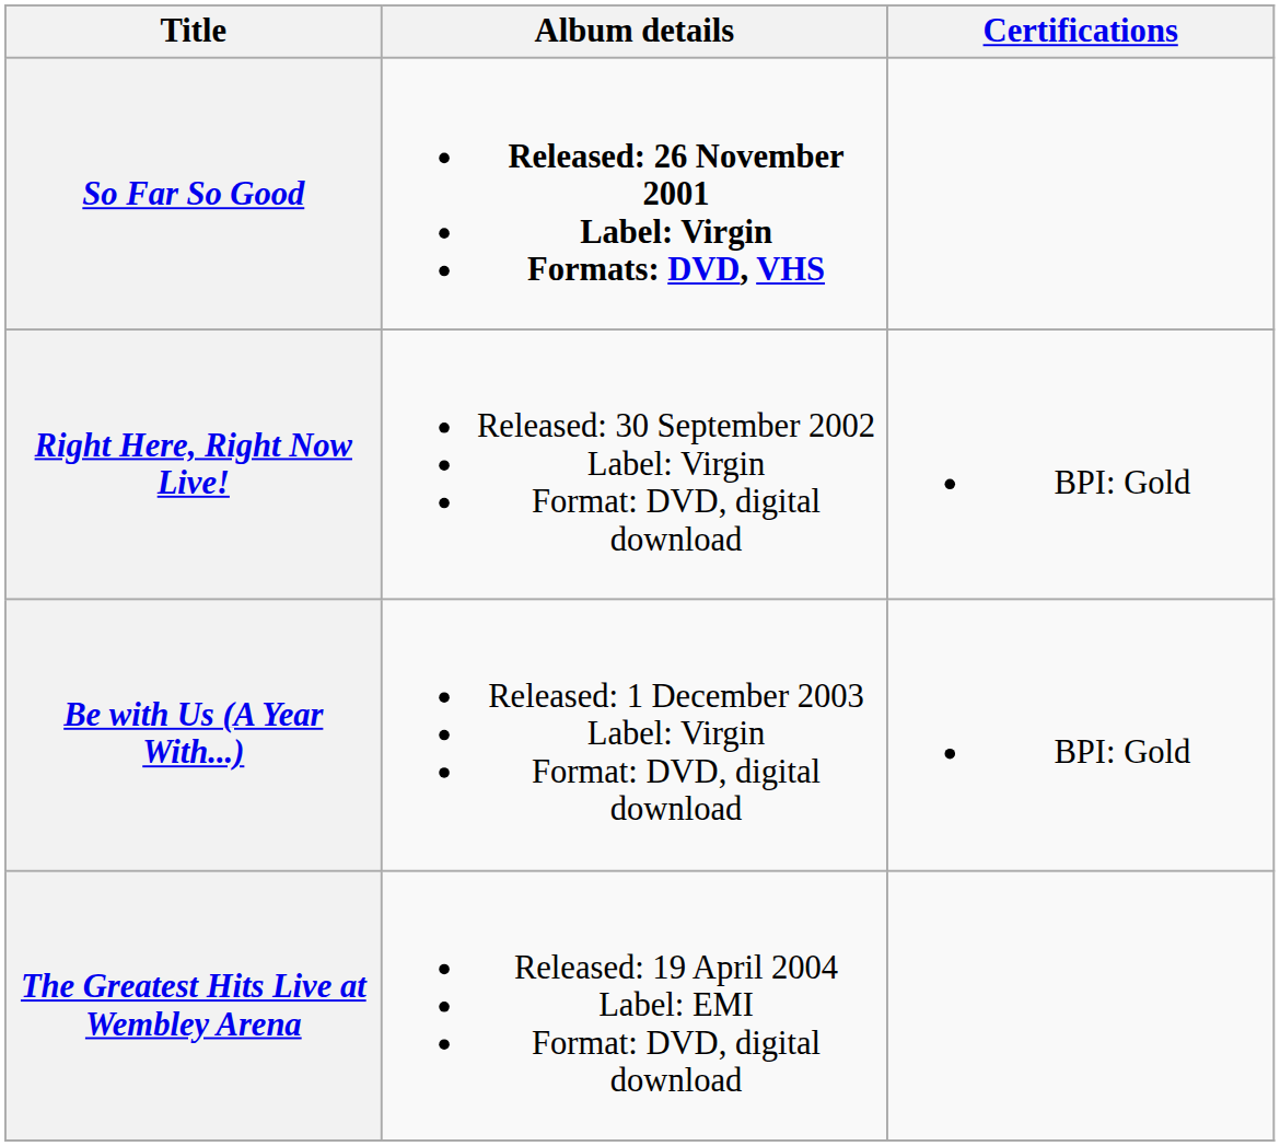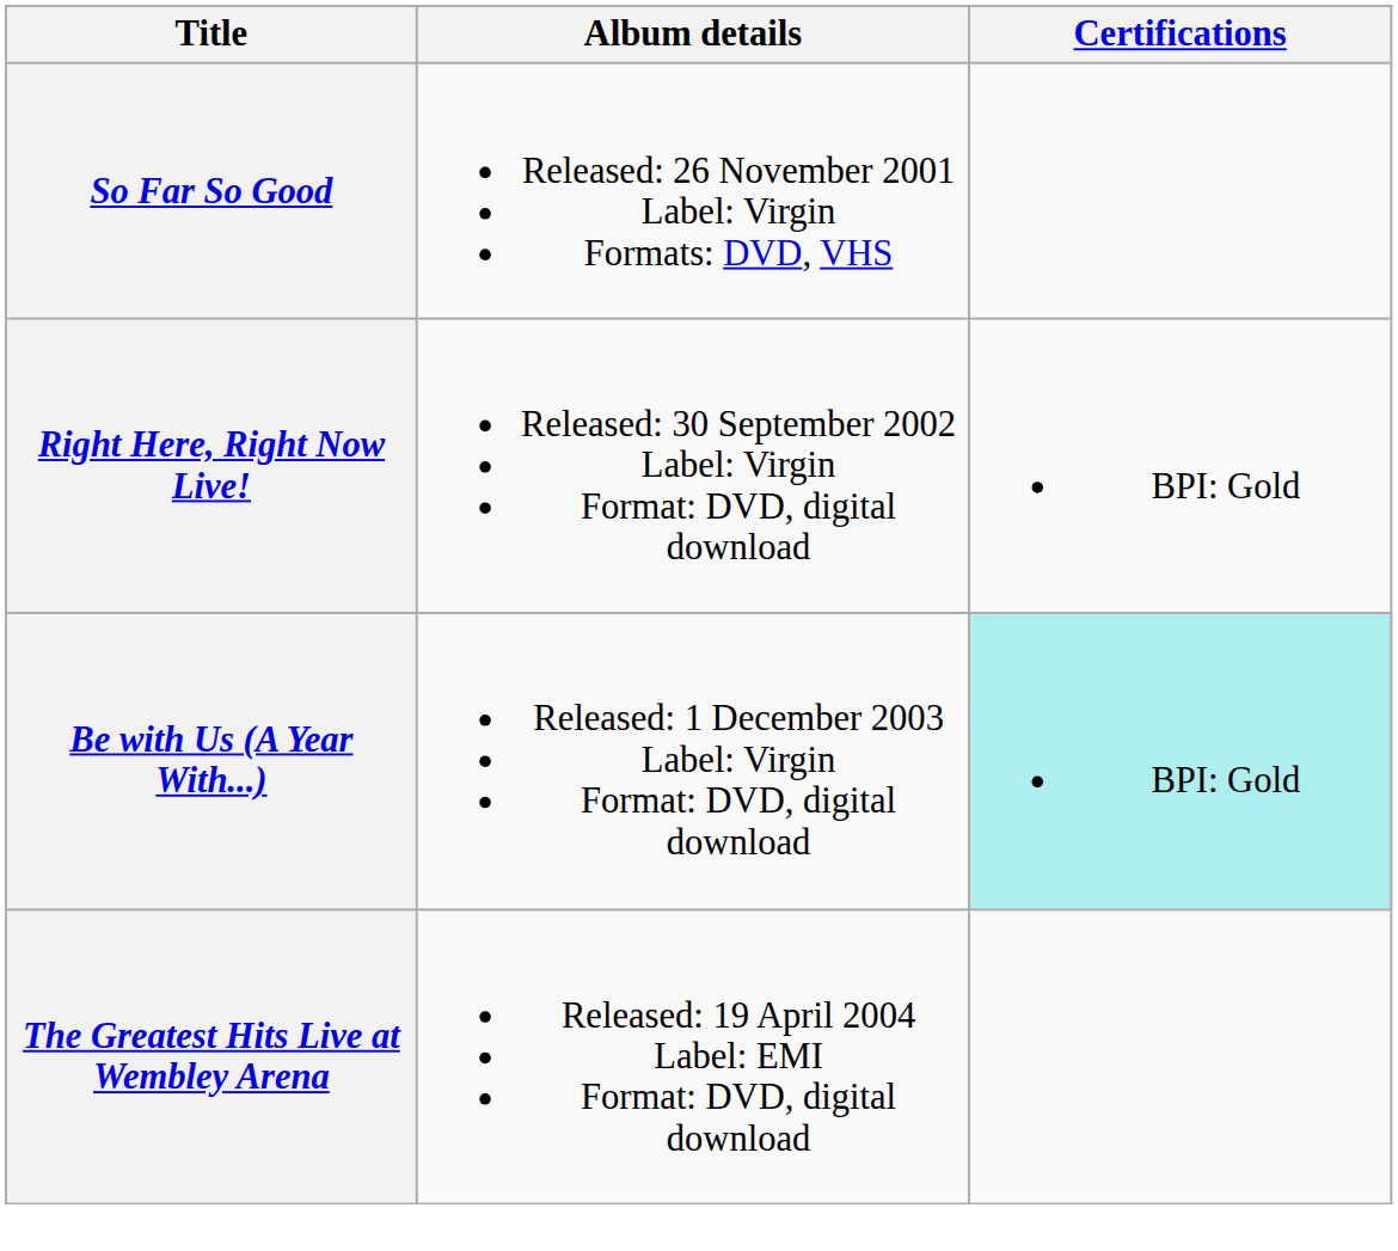 <table class="wikitable plainrowheaders" style="text-align:center;">
 <tr>
 <th scope="col" style="width:12em;">Title</th>
 <th scope="col" style="width:16em;">Album details</th>
 <th scope="col" style="width:12em;"><a href='#'>Certifications</a></th>
 </tr>
 <tr>
 <th scope="row"><em><a href='#'>So Far So Good</a></em></th>
-<td><strong><br><ul><li>Released: 26 November 2001</li><li>Label: Virgin</li><li>Formats: <a href='#'>DVD</a>, <a href='#'>VHS</a></li></ul></strong></td>
+<td><br><ul><li>Released: 26 November 2001</li><li>Label: Virgin</li><li>Formats: <a href='#'>DVD</a>, <a href='#'>VHS</a></li></ul></td>
 <td></td>
 </tr>
 <tr>
 <th scope="row"><em><a href='#'>Right Here, Right Now Live!</a></em></th>
 <td><br><ul><li>Released: 30 September 2002</li><li>Label: Virgin</li><li>Format: DVD, digital download</li></ul></td>
 <td><br><ul><li>BPI: Gold</li></ul></td>
 </tr>
 <tr>
 <th scope="row"><em><a href='#'>Be with Us (A Year With...)</a></em></th>
 <td><br><ul><li>Released: 1 December 2003</li><li>Label: Virgin</li><li>Format: DVD, digital download</li></ul></td>
-<td><br><ul><li>BPI: Gold</li></ul></td>
+<td style="background: paleturquoise;"><br><ul><li>BPI: Gold</li></ul></td>
 </tr>
 <tr>
 <th scope="row"><em><a href='#'>The Greatest Hits Live at Wembley Arena</a></em></th>
 <td><br><ul><li>Released: 19 April 2004</li><li>Label: EMI</li><li>Format: DVD, digital download</li></ul></td>
 <td></td>
 </tr>
 <tr>
 </tr>
 </table>
